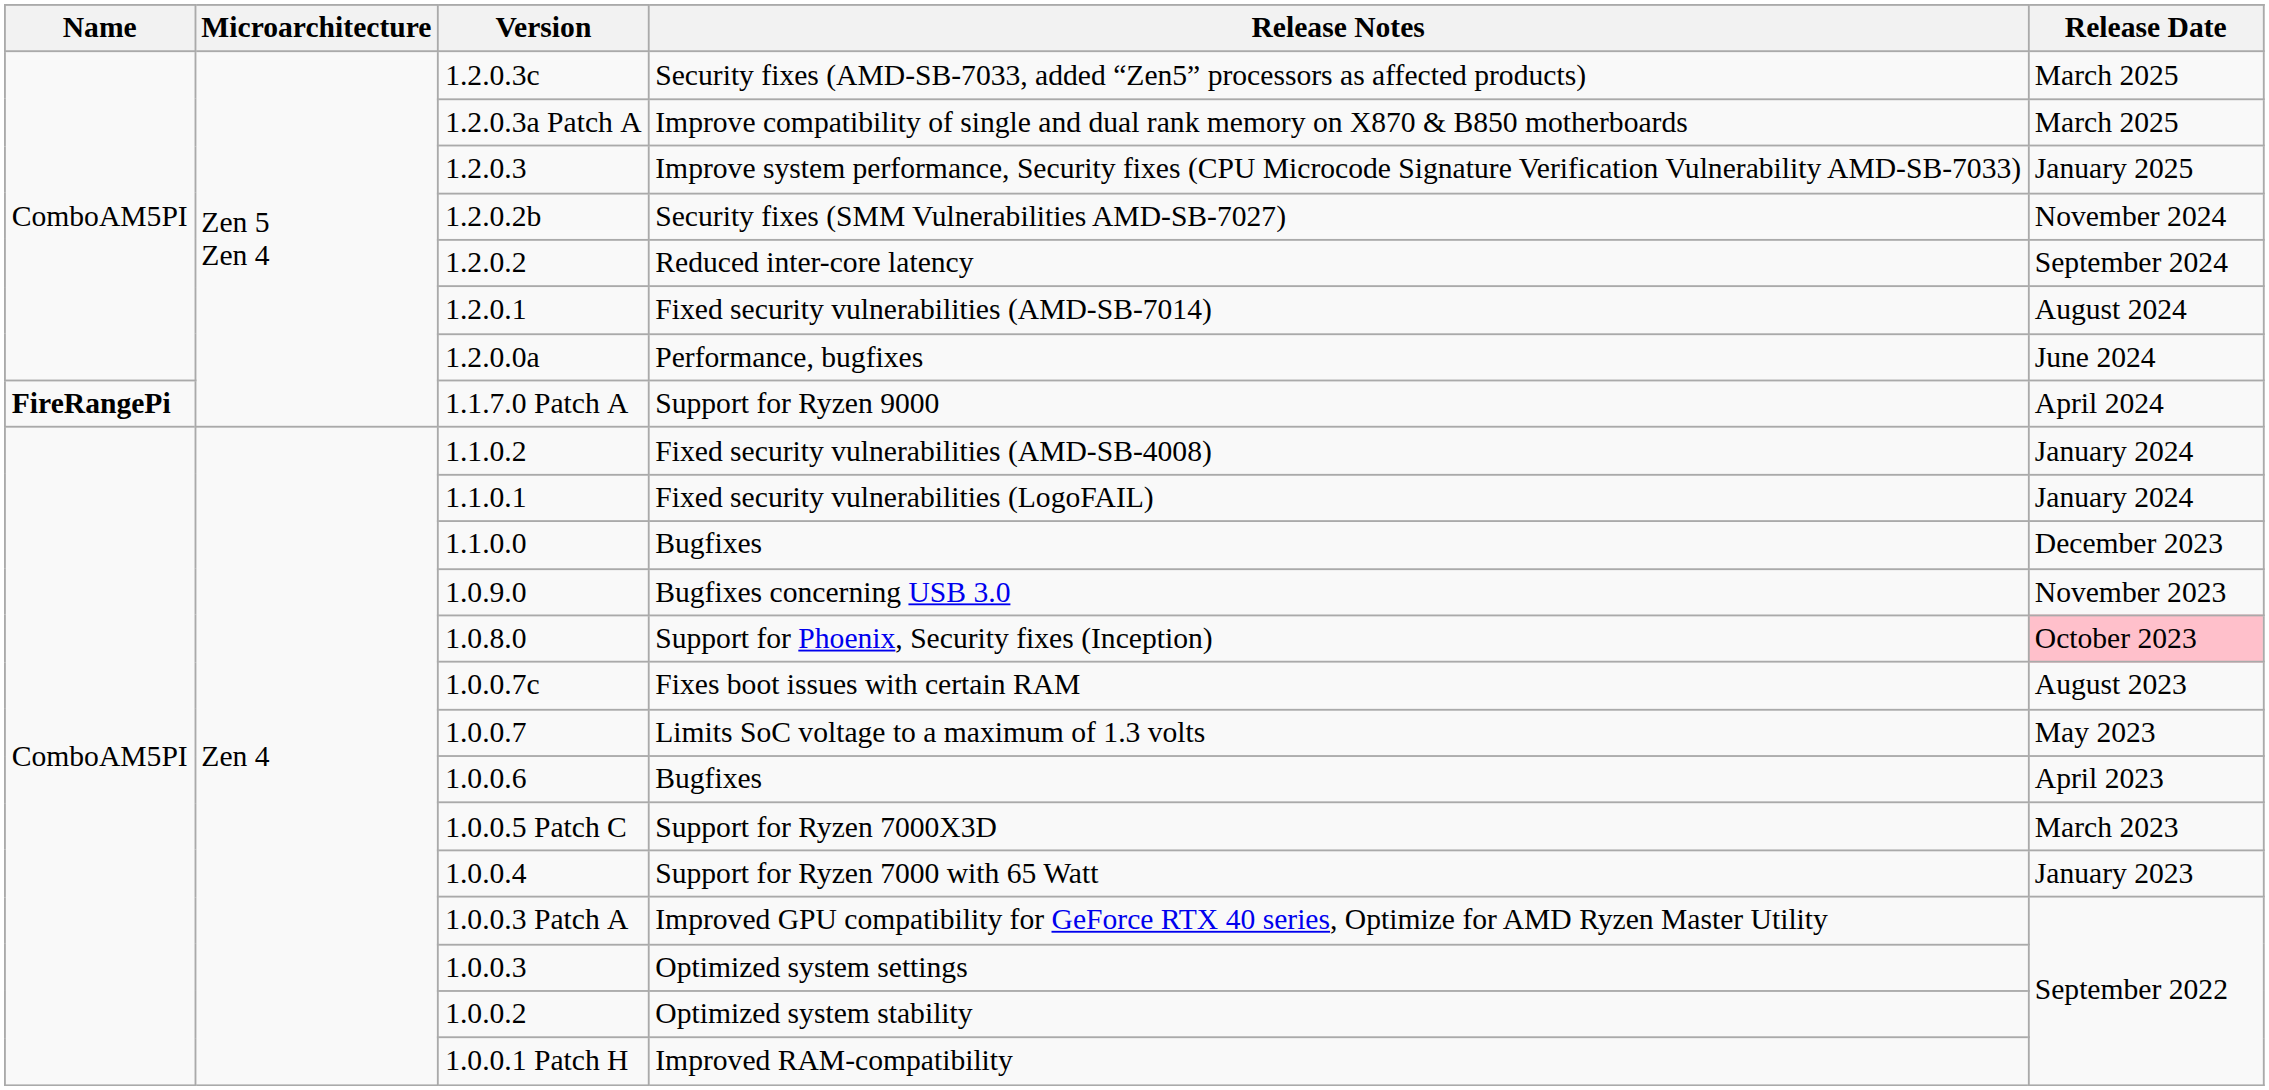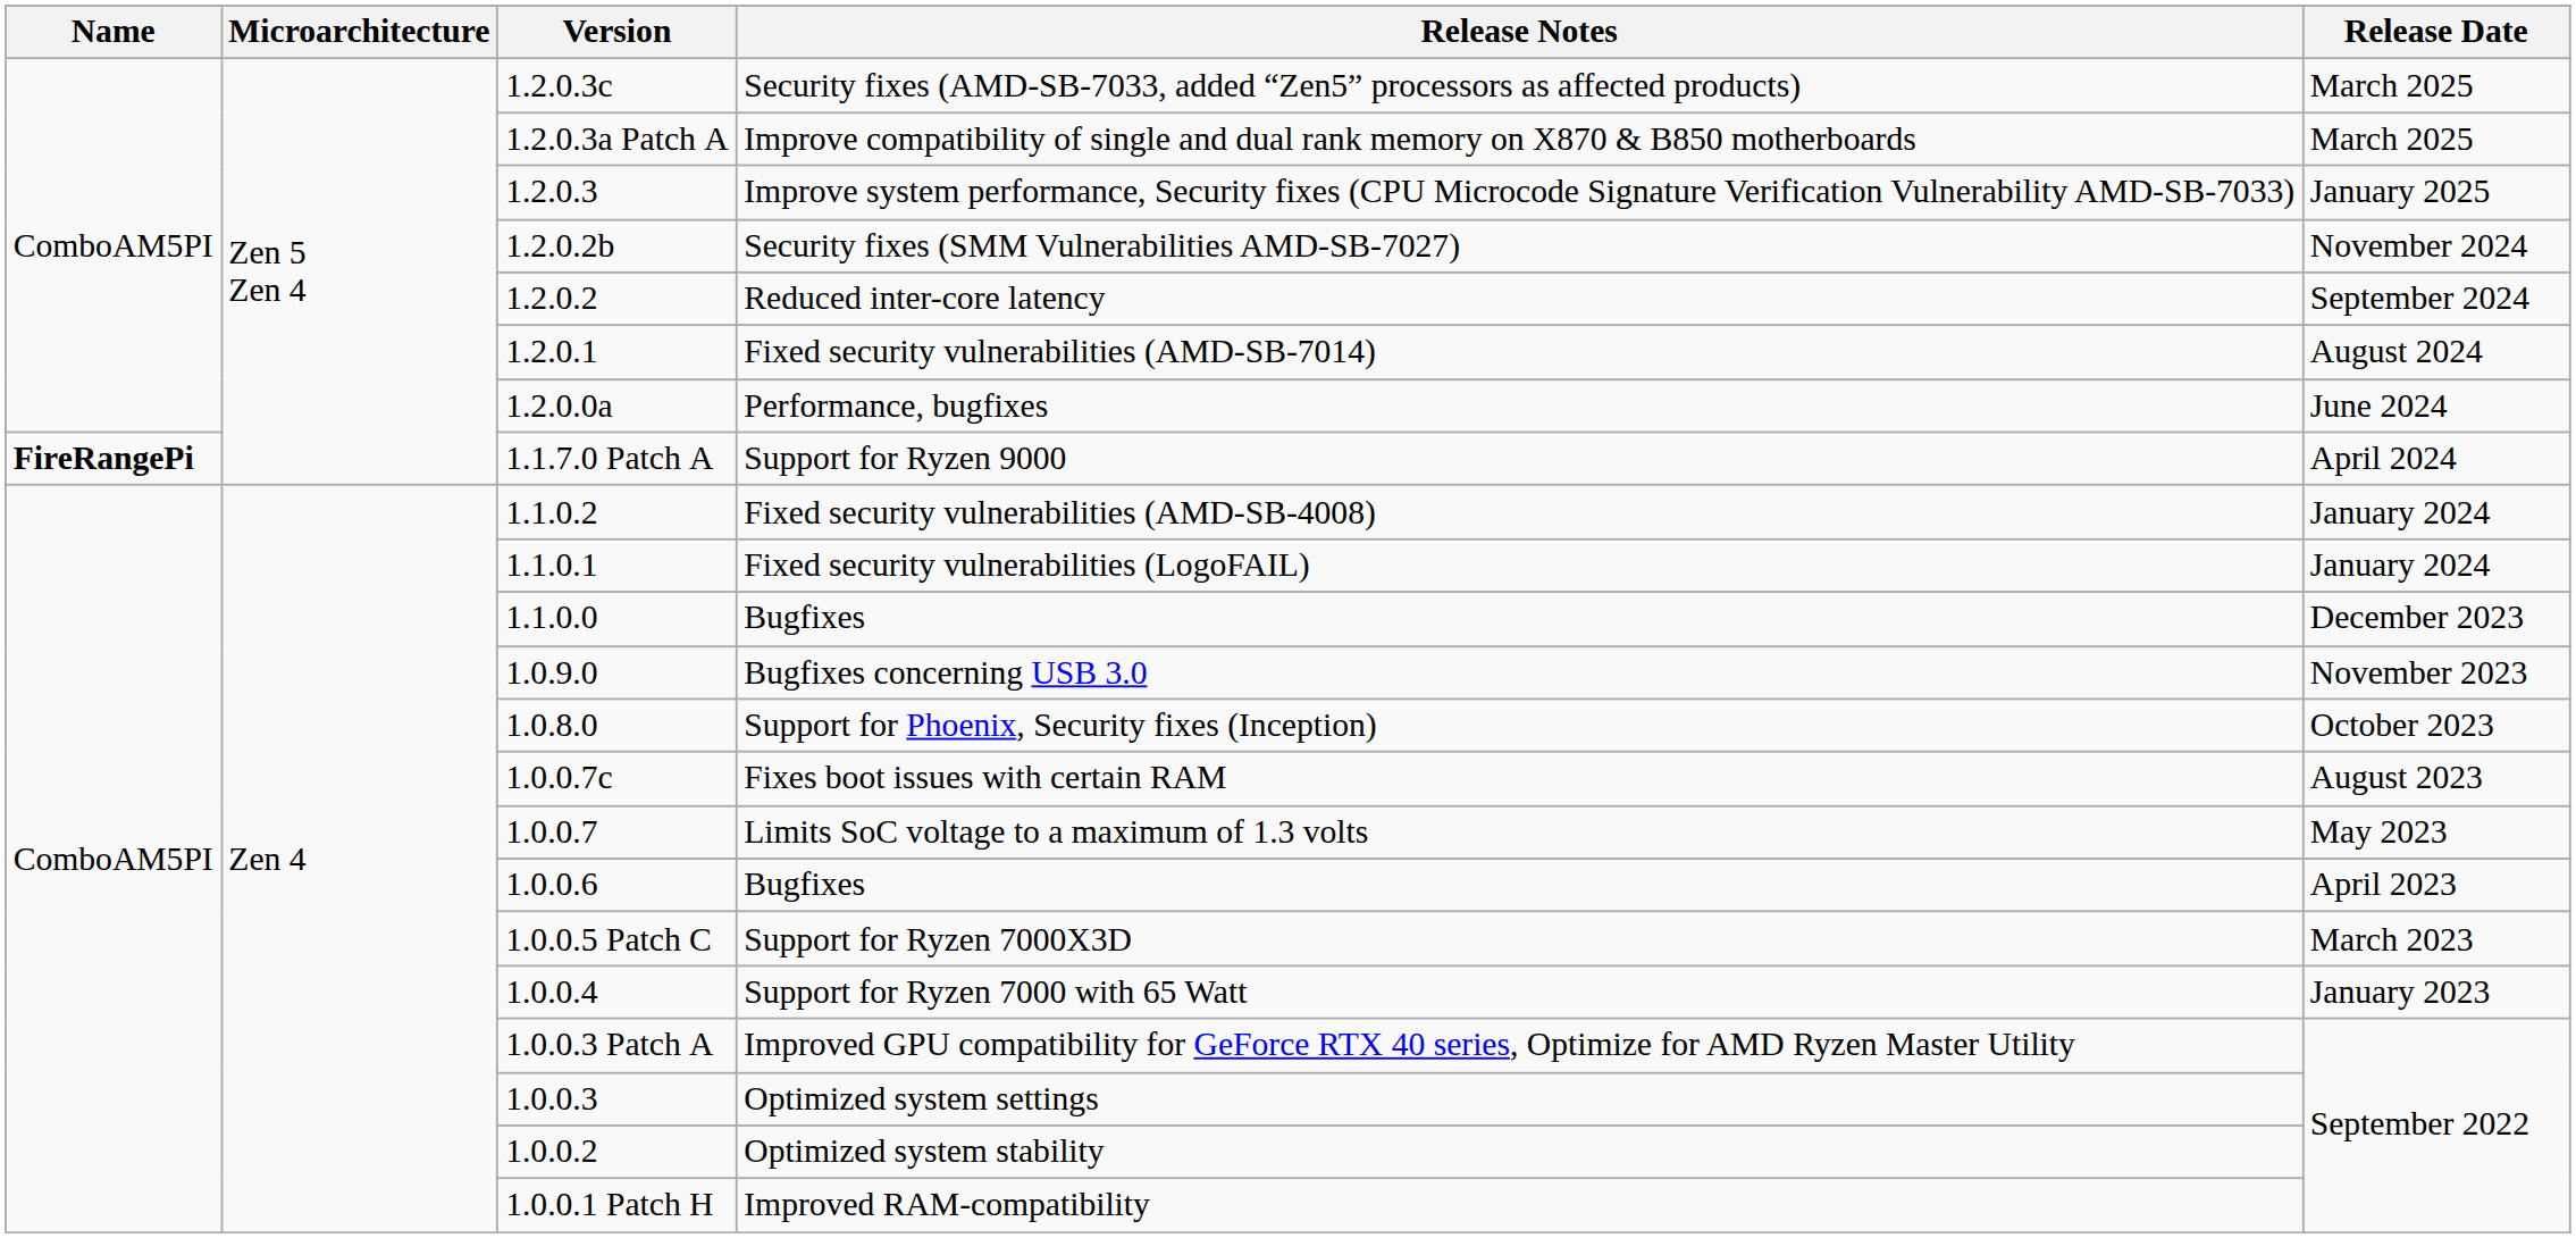 <table class="wikitable">
 <tr>
 <th>Name</th>
 <th>Microarchitecture</th>
 <th>Version</th>
 <th>Release Notes</th>
 <th style="width: 120px;">Release Date</th>
 </tr>
 <tr>
 <td rowspan="7">ComboAM5PI</td>
 <td rowspan="8">Zen 5<br>Zen 4</td>
 <td>1.2.0.3c</td>
 <td>Security fixes (AMD-SB-7033, added “Zen5” processors as affected products)</td>
 <td>March 2025</td>
 </tr>
 <tr>
 <td>1.2.0.3a Patch A</td>
 <td>Improve compatibility of single and dual rank memory on X870 & B850 motherboards</td>
 <td>March 2025</td>
 </tr>
 <tr>
 <td>1.2.0.3</td>
 <td>Improve system performance, Security fixes (CPU Microcode Signature Verification Vulnerability AMD-SB-7033)</td>
 <td>January 2025</td>
 </tr>
 <tr>
 <td>1.2.0.2b</td>
 <td>Security fixes (SMM Vulnerabilities AMD-SB-7027)</td>
 <td>November 2024</td>
 </tr>
 <tr>
 <td>1.2.0.2</td>
 <td>Reduced inter-core latency</td>
 <td>September 2024</td>
 </tr>
 <tr>
 <td>1.2.0.1</td>
 <td>Fixed security vulnerabilities (AMD-SB-7014)</td>
 <td>August 2024</td>
 </tr>
 <tr>
 <td>1.2.0.0a</td>
 <td>Performance, bugfixes</td>
 <td>June 2024</td>
 </tr>
 <tr>
 <td><strong>FireRangePi</strong></td>
 <td>1.1.7.0 Patch A</td>
 <td>Support for Ryzen 9000</td>
 <td>April 2024</td>
 </tr>
 <tr>
 <td rowspan="14">ComboAM5PI</td>
 <td rowspan="14">Zen 4</td>
 <td>1.1.0.2</td>
 <td>Fixed security vulnerabilities (AMD-SB-4008)</td>
 <td>January 2024</td>
 </tr>
 <tr>
 <td>1.1.0.1</td>
 <td>Fixed security vulnerabilities (LogoFAIL)</td>
 <td>January 2024</td>
 </tr>
 <tr>
 <td>1.1.0.0</td>
 <td>Bugfixes</td>
 <td>December 2023</td>
 </tr>
 <tr>
 <td>1.0.9.0</td>
 <td>Bugfixes concerning <a href='#'>USB 3.0</a></td>
 <td>November 2023</td>
 </tr>
 <tr>
 <td>1.0.8.0</td>
 <td>Support for <a href='#'>Phoenix</a>, Security fixes (Inception)</td>
-<td style="background: pink;">October 2023</td>
+<td>October 2023</td>
 </tr>
 <tr>
 <td>1.0.0.7c</td>
 <td>Fixes boot issues with certain RAM</td>
 <td>August 2023</td>
 </tr>
 <tr>
 <td>1.0.0.7</td>
 <td>Limits SoC voltage to a maximum of 1.3 volts</td>
 <td>May 2023</td>
 </tr>
 <tr>
 <td>1.0.0.6</td>
 <td>Bugfixes</td>
 <td>April 2023</td>
 </tr>
 <tr>
 <td>1.0.0.5 Patch C</td>
 <td>Support for Ryzen 7000X3D</td>
 <td>March 2023</td>
 </tr>
 <tr>
 <td>1.0.0.4</td>
 <td>Support for Ryzen 7000 with 65 Watt</td>
 <td>January 2023</td>
 </tr>
 <tr>
 <td>1.0.0.3 Patch A</td>
 <td>Improved GPU compatibility for <a href='#'>GeForce RTX 40 series</a>, Optimize for AMD Ryzen Master Utility</td>
 <td rowspan="4">September 2022</td>
 </tr>
 <tr>
 <td>1.0.0.3</td>
 <td>Optimized system settings</td>
 </tr>
 <tr>
 <td>1.0.0.2</td>
 <td>Optimized system stability</td>
 </tr>
 <tr>
 <td>1.0.0.1 Patch H</td>
 <td>Improved RAM-compatibility</td>
 </tr>
 </table>
